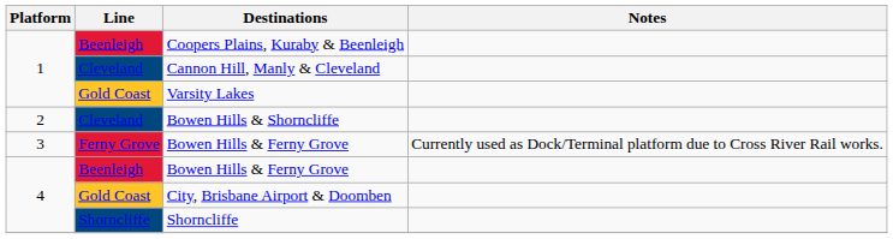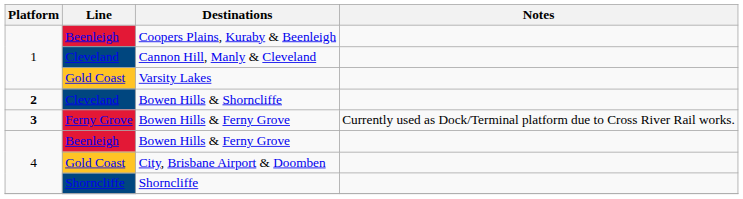 <table class="wikitable" style="float: none; margin: 0.5em; ">
 <tr>
 <th>Platform</th>
 <th>Line</th>
 <th>Destinations</th>
 <th>Notes</th>
 </tr>
 <tr>
 <td rowspan="3" style="text-align:center;">1</td>
 <td style=background:#E31836><a href='#'><span>Beenleigh</span></a></td>
 <td><a href='#'>Coopers Plains</a>, <a href='#'>Kuraby</a> & <a href='#'>Beenleigh</a></td>
 <td></td>
 </tr>
 <tr>
 <td style=background:#00467f><a href='#'><span>Cleveland</span></a></td>
 <td><a href='#'>Cannon Hill</a>, <a href='#'>Manly</a> & <a href='#'>Cleveland</a></td>
 <td></td>
 </tr>
 <tr>
 <td style=background:#FFC425><a href='#'><span>Gold Coast</span></a></td>
 <td><a href='#'>Varsity Lakes</a></td>
 <td></td>
 </tr>
 <tr>
-<td rowspan="1" style="text-align:center;">2</td>
+<td rowspan="1" style="text-align:center;"><strong>2</strong></td>
 <td style=background:#00467f><a href='#'><span>Cleveland</span></a></td>
 <td><a href='#'>Bowen Hills</a> & <a href='#'>Shorncliffe</a></td>
 <td></td>
 </tr>
 <tr>
-<td rowspan="1" style="text-align:center;">3</td>
+<td rowspan="1" style="text-align:center;"><strong>3</strong></td>
 <td style=background:#E31836><a href='#'><span>Ferny Grove</span></a></td>
 <td><a href='#'>Bowen Hills</a> & <a href='#'>Ferny Grove</a></td>
 <td> Currently used as Dock/Terminal platform due to Cross River Rail works.</td>
 </tr>
 <tr>
 <td rowspan="3" style="text-align:center;">4</td>
 <td style=background:#E31836><a href='#'><span>Beenleigh</span></a></td>
 <td><a href='#'>Bowen Hills</a> & <a href='#'>Ferny Grove</a></td>
 <td></td>
 </tr>
 <tr>
 <td style=background:#FFC425><a href='#'><span>Gold Coast</span></a></td>
 <td><a href='#'>City</a>, <a href='#'>Brisbane Airport</a> & <a href='#'>Doomben</a></td>
 <td></td>
 </tr>
 <tr>
 <td style=background:#00467f><a href='#'><span>Shorncliffe</span></a></td>
 <td><a href='#'>Shorncliffe</a></td>
 <td></td>
 </tr>
 <tr>
 </tr>
 </table>
